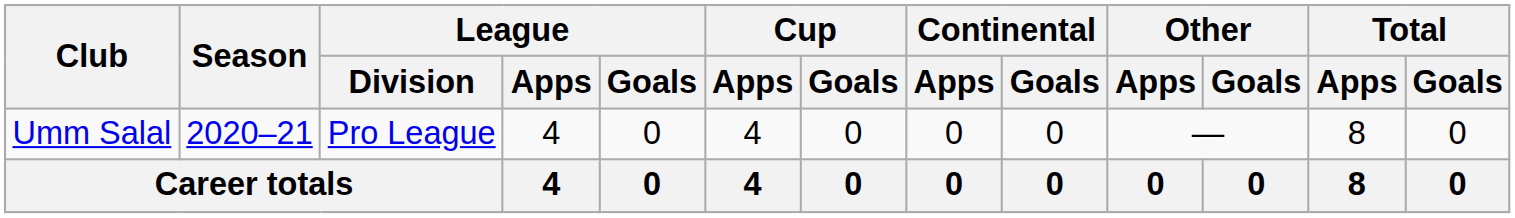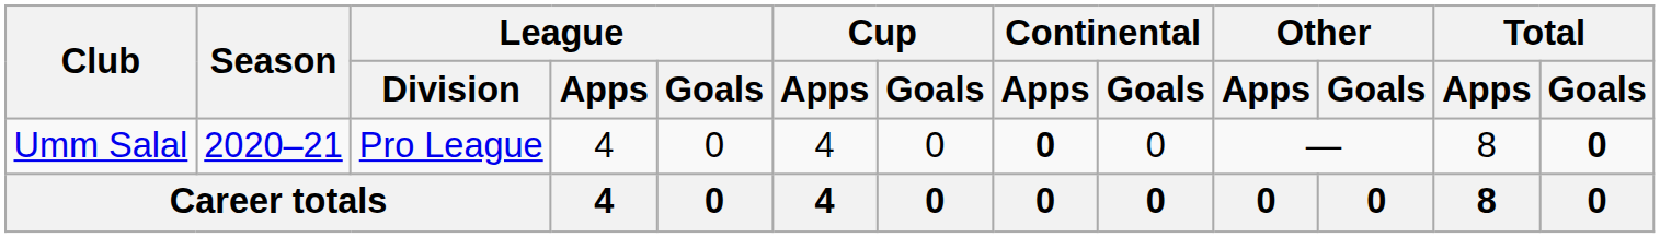 <table class="wikitable" style="text-align: center">
 <tr>
 <th rowspan="2">Club</th>
 <th rowspan="2">Season</th>
 <th colspan="3">League</th>
 <th colspan="2">Cup</th>
 <th colspan="2">Continental</th>
 <th colspan="2">Other</th>
 <th colspan="2">Total</th>
 </tr>
 <tr>
 <th>Division</th>
 <th>Apps</th>
 <th>Goals</th>
 <th>Apps</th>
 <th>Goals</th>
 <th>Apps</th>
 <th>Goals</th>
 <th>Apps</th>
 <th>Goals</th>
 <th>Apps</th>
 <th>Goals</th>
 </tr>
 <tr>
 <td rowspan=1><a href='#'>Umm Salal</a></td>
 <td><a href='#'>2020–21</a></td>
 <td><a href='#'>Pro League</a></td>
 <td>4</td>
 <td>0</td>
 <td>4</td>
 <td>0</td>
-<td>0</td>
+<td><strong>0</strong></td>
 <td>0</td>
 <td colspan=2>—</td>
 <td>8</td>
-<td>0</td>
+<td><strong>0</strong></td>
 </tr>
 <tr>
 <th colspan=3>Career totals</th>
 <th>4</th>
 <th>0</th>
 <th>4</th>
 <th>0</th>
 <th>0</th>
 <th>0</th>
 <th>0</th>
 <th>0</th>
 <th>8</th>
 <th>0</th>
 </tr>
 </table>
